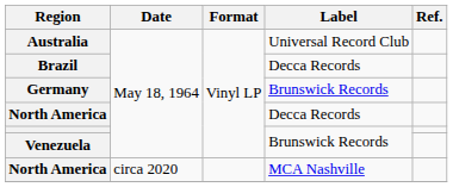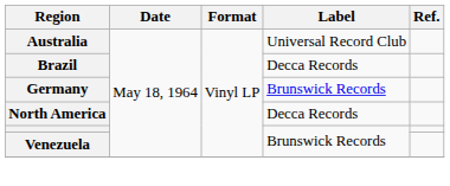 <table class="wikitable plainrowheaders">
 <tr>
 <th scope="col">Region</th>
 <th scope="col">Date</th>
 <th scope="col">Format</th>
 <th scope="col">Label</th>
 <th scope="col">Ref.</th>
 </tr>
 <tr>
 <th scope="row">Australia</th>
 <td rowspan="6">May 18, 1964</td>
 <td rowspan="6">Vinyl LP</td>
 <td>Universal Record Club</td>
 <td></td>
 </tr>
 <tr>
 <th scope="row">Brazil</th>
 <td>Decca Records</td>
 <td></td>
 </tr>
 <tr>
 <th scope="row">Germany</th>
 <td><a href='#'>Brunswick Records</a></td>
 <td></td>
 </tr>
 <tr>
 <th scope="row">North America</th>
 <td>Decca Records</td>
 <td></td>
 </tr>
 <tr>
 <th scope="row"></th>
 <td rowspan="2">Brunswick Records</td>
 <td></td>
 </tr>
 <tr>
 <th scope="row">Venezuela</th>
 <td></td>
 </tr>
 <tr>
-<th scope="row">North America</th>
-<td>circa 2020</td>
-<td></td>
-<td><a href='#'>MCA Nashville</a></td>
-<td></td>
-</tr>
-<tr>
 </tr>
 </table>
